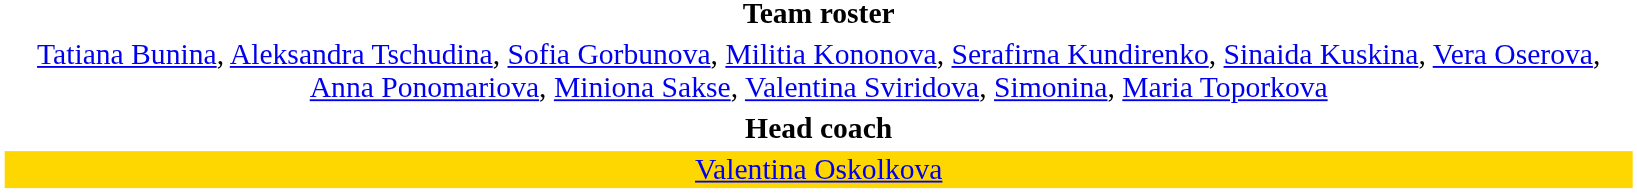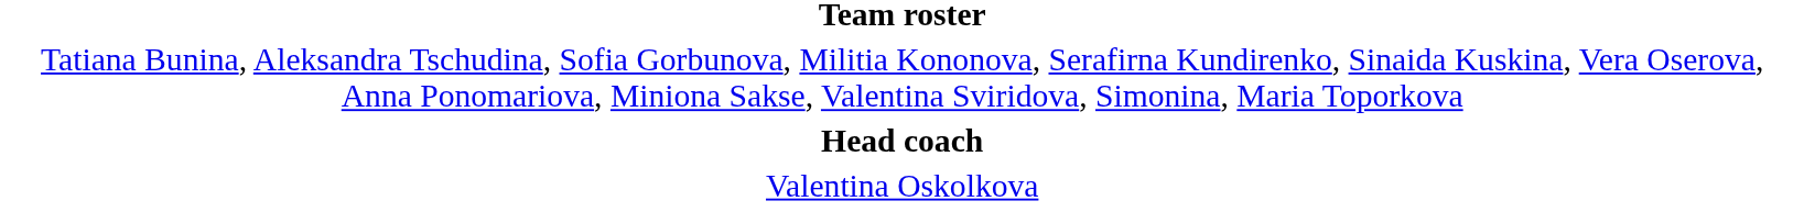 <table style="text-align: center; margin-top: 2em; margin-left: auto; margin-right: auto">
 <tr>
 <td><strong>Team roster</strong></td>
 </tr>
 <tr>
 <td><a href='#'>Tatiana Bunina</a>, <a href='#'>Aleksandra Tschudina</a>, <a href='#'>Sofia Gorbunova</a>, <a href='#'>Militia Kononova</a>, <a href='#'>Serafirna Kundirenko</a>, <a href='#'>Sinaida Kuskina</a>, <a href='#'>Vera Oserova</a>, <a href='#'>Anna Ponomariova</a>, <a href='#'>Miniona Sakse</a>, <a href='#'>Valentina Sviridova</a>, <a href='#'>Simonina</a>, <a href='#'>Maria Toporkova</a></td>
 </tr>
 <tr>
 <td><strong>Head coach</strong></td>
 </tr>
 <tr>
-<td style="background: gold;"><a href='#'>Valentina Oskolkova</a></td>
+<td><a href='#'>Valentina Oskolkova</a></td>
 </tr>
 <tr>
 </tr>
 </table>
